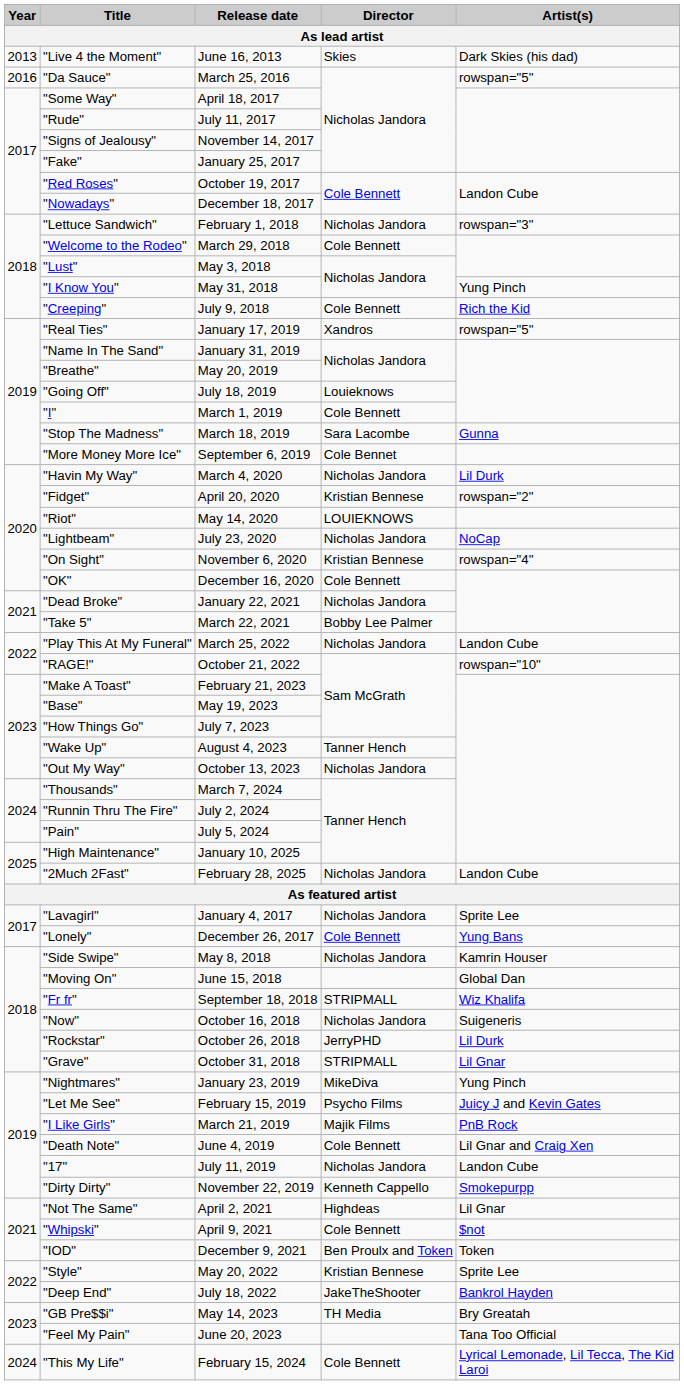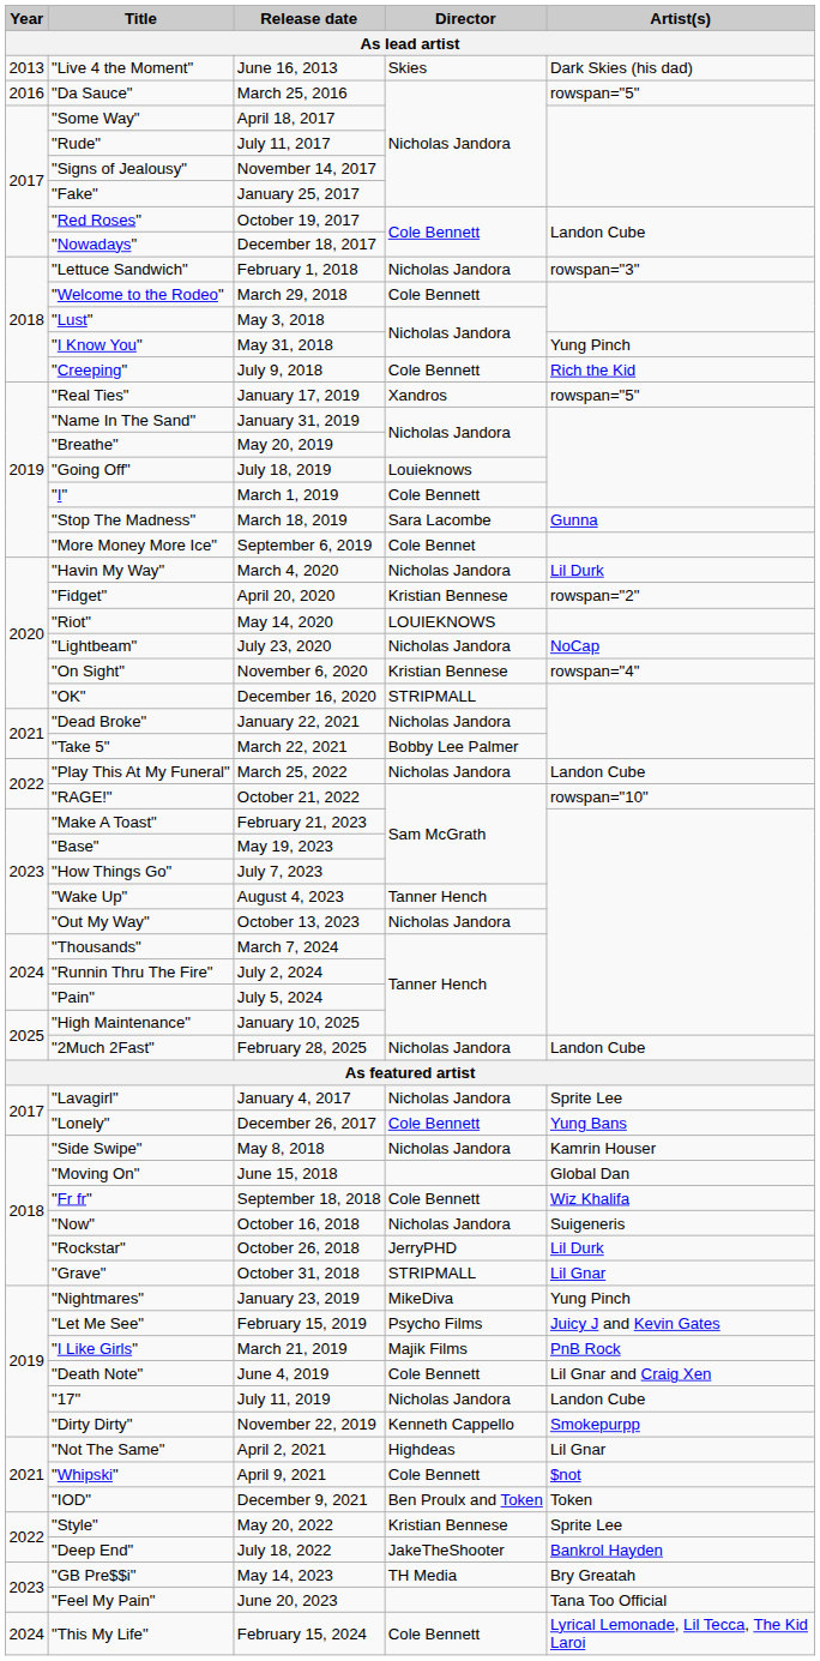 <table class="wikitable" style="font-size:95%">
 <tr>
 <th style="background:#ccc;">Year</th>
 <th style="background:#ccc;">Title</th>
 <th style="background:#ccc;">Release date</th>
 <th style="background:#ccc;">Director</th>
 <th style="background:#ccc; width:250px;">Artist(s)</th>
 </tr>
 <tr>
 <th scope="col" colspan="5">As lead artist</th>
 </tr>
 <tr>
 <td>2013</td>
 <td>"Live 4 the Moment"</td>
 <td>June 16, 2013</td>
 <td rowspan="1">Skies</td>
 <td rowspan="1">Dark Skies (his dad)</td>
 </tr>
 <tr>
 <td>2016</td>
 <td>"Da Sauce"</td>
 <td>March 25, 2016</td>
 <td rowspan="5">Nicholas Jandora</td>
 <td>rowspan="5" </td>
 </tr>
 <tr>
 <td rowspan="6">2017</td>
 <td>"Some Way"</td>
 <td>April 18, 2017</td>
 </tr>
 <tr>
 <td>"Rude"</td>
 <td>July 11, 2017</td>
 </tr>
 <tr>
 <td>"Signs of Jealousy"</td>
 <td>November 14, 2017</td>
 </tr>
 <tr>
 <td>"Fake"</td>
 <td>January 25, 2017</td>
 </tr>
 <tr>
 <td>"<a href='#'>Red Roses</a>"</td>
 <td>October 19, 2017</td>
 <td rowspan="2"><a href='#'>Cole Bennett</a></td>
 <td rowspan="2">Landon Cube</td>
 </tr>
 <tr>
 <td>"<a href='#'>Nowadays</a>"</td>
 <td>December 18, 2017</td>
 </tr>
 <tr>
 <td rowspan="5">2018</td>
 <td>"Lettuce Sandwich"</td>
 <td>February 1, 2018</td>
 <td rowspan="1">Nicholas Jandora</td>
 <td>rowspan="3" </td>
 </tr>
 <tr>
 <td>"<a href='#'>Welcome to the Rodeo</a>"</td>
 <td>March 29, 2018</td>
 <td>Cole Bennett</td>
 </tr>
 <tr>
 <td>"<a href='#'>Lust</a>"</td>
 <td>May 3, 2018</td>
 <td rowspan="2">Nicholas Jandora</td>
 </tr>
 <tr "Breathe">
 <td>"<a href='#'>I Know You</a>"</td>
 <td>May 31, 2018</td>
 <td>Yung Pinch</td>
 </tr>
 <tr>
 <td>"<a href='#'>Creeping</a>"</td>
 <td>July 9, 2018</td>
 <td>Cole Bennett</td>
 <td><a href='#'>Rich the Kid</a></td>
 </tr>
 <tr>
 <td rowspan="7">2019</td>
 <td>"Real Ties"</td>
 <td>January 17, 2019</td>
 <td>Xandros</td>
 <td>rowspan="5" </td>
 </tr>
 <tr>
 <td>"Name In The Sand"</td>
 <td>January 31, 2019</td>
 <td rowspan="2">Nicholas Jandora</td>
 </tr>
 <tr>
 <td>"Breathe"</td>
 <td>May 20, 2019</td>
 </tr>
 <tr>
 <td>"Going Off"</td>
 <td>July 18, 2019</td>
 <td>Louieknows</td>
 </tr>
 <tr>
 <td>"<a href='#'>I</a>"</td>
 <td>March 1, 2019</td>
 <td>Cole Bennett</td>
 </tr>
 <tr>
 <td>"Stop The Madness"</td>
 <td>March 18, 2019</td>
 <td>Sara Lacombe</td>
 <td><a href='#'>Gunna</a></td>
 </tr>
 <tr>
 <td>"More Money More Ice"</td>
 <td>September 6, 2019</td>
 <td>Cole Bennet</td>
 <td></td>
 </tr>
 <tr>
 <td rowspan="6">2020</td>
 <td>"Havin My Way"</td>
 <td>March 4, 2020</td>
 <td>Nicholas Jandora</td>
 <td><a href='#'>Lil Durk</a></td>
 </tr>
 <tr>
 <td>"Fidget"</td>
 <td>April 20, 2020</td>
 <td>Kristian Bennese</td>
 <td>rowspan="2" </td>
 </tr>
 <tr>
 <td>"Riot"</td>
 <td>May 14, 2020</td>
 <td>LOUIEKNOWS</td>
 </tr>
 <tr>
 <td>"Lightbeam"</td>
 <td>July 23, 2020</td>
 <td>Nicholas Jandora</td>
 <td><a href='#'>NoCap</a></td>
 </tr>
 <tr>
 <td>"On Sight"</td>
 <td>November 6, 2020</td>
 <td>Kristian Bennese</td>
 <td>rowspan="4" </td>
 </tr>
 <tr>
 <td>"OK"</td>
 <td>December 16, 2020</td>
-<td>Cole Bennett</td>
+<td STRIPMALL>STRIPMALL</td>
 </tr>
 <tr>
 <td rowspan="2">2021</td>
 <td>"Dead Broke"</td>
 <td>January 22, 2021</td>
 <td>Nicholas Jandora</td>
 </tr>
 <tr>
 <td>"Take 5"</td>
 <td>March 22, 2021</td>
 <td>Bobby Lee Palmer</td>
 </tr>
 <tr>
 <td rowspan="2">2022</td>
 <td>"Play This At My Funeral"</td>
 <td>March 25, 2022</td>
 <td>Nicholas Jandora</td>
 <td>Landon Cube</td>
 </tr>
 <tr>
 <td>"RAGE!"</td>
 <td>October 21, 2022</td>
 <td rowspan="4">Sam McGrath</td>
 <td>rowspan="10" </td>
 </tr>
 <tr>
 <td rowspan="5">2023</td>
 <td>"Make A Toast"</td>
 <td>February 21, 2023</td>
 </tr>
 <tr>
 <td>"Base"</td>
 <td>May 19, 2023</td>
 </tr>
 <tr>
 <td>"How Things Go"</td>
 <td>July 7, 2023</td>
 </tr>
 <tr>
 <td>"Wake Up"</td>
 <td>August 4, 2023</td>
 <td>Tanner Hench</td>
 </tr>
 <tr>
 <td>"Out My Way"</td>
 <td>October 13, 2023</td>
 <td>Nicholas Jandora</td>
 </tr>
 <tr>
 <td rowspan="3">2024</td>
 <td>"Thousands"</td>
 <td>March 7, 2024</td>
 <td rowspan="4">Tanner Hench</td>
 </tr>
 <tr>
 <td>"Runnin Thru The Fire"</td>
 <td>July 2, 2024</td>
 </tr>
 <tr>
 <td>"Pain"</td>
 <td>July 5, 2024</td>
 </tr>
 <tr>
 <td rowspan="2">2025</td>
 <td>"High Maintenance"</td>
 <td>January 10, 2025</td>
 </tr>
 <tr>
 <td>"2Much 2Fast"</td>
 <td>February 28, 2025</td>
 <td>Nicholas Jandora</td>
 <td>Landon Cube</td>
 </tr>
 <tr>
 <th scope="col" colspan="5">As featured artist</th>
 </tr>
 <tr>
 <td rowspan="2">2017</td>
 <td>"Lavagirl"</td>
 <td>January 4, 2017</td>
 <td>Nicholas Jandora</td>
 <td>Sprite Lee</td>
 </tr>
 <tr>
 <td>"Lonely"</td>
 <td>December 26, 2017</td>
 <td><a href='#'>Cole Bennett</a></td>
 <td><a href='#'>Yung Bans</a></td>
 </tr>
 <tr>
 <td rowspan="6">2018</td>
 <td>"Side Swipe"</td>
 <td>May 8, 2018</td>
 <td>Nicholas Jandora</td>
 <td>Kamrin Houser</td>
 </tr>
 <tr>
 <td>"Moving On"</td>
 <td>June 15, 2018</td>
 <td></td>
 <td>Global Dan</td>
 </tr>
 <tr>
 <td>"<a href='#'>Fr fr</a>"</td>
 <td>September 18, 2018</td>
-<td STRIPMALL>STRIPMALL</td>
+<td>Cole Bennett</td>
 <td><a href='#'>Wiz Khalifa</a></td>
 </tr>
 <tr>
 <td>"Now"</td>
 <td>October 16, 2018</td>
 <td>Nicholas Jandora</td>
 <td>Suigeneris</td>
 </tr>
 <tr>
 <td>"Rockstar"</td>
 <td>October 26, 2018</td>
 <td>JerryPHD</td>
 <td><a href='#'>Lil Durk</a></td>
 </tr>
 <tr>
 <td>"Grave"</td>
 <td>October 31, 2018</td>
 <td STRIPMALL>STRIPMALL</td>
 <td><a href='#'>Lil Gnar</a></td>
 </tr>
 <tr>
 <td rowspan="6">2019</td>
 <td>"Nightmares"</td>
 <td>January 23, 2019</td>
 <td>MikeDiva</td>
 <td>Yung Pinch</td>
 </tr>
 <tr>
 <td>"Let Me See"</td>
 <td>February 15, 2019</td>
 <td>Psycho Films</td>
 <td><a href='#'>Juicy J</a> and <a href='#'>Kevin Gates</a></td>
 </tr>
 <tr>
 <td>"<a href='#'>I Like Girls</a>"</td>
 <td>March 21, 2019</td>
 <td>Majik Films</td>
 <td><a href='#'>PnB Rock</a></td>
 </tr>
 <tr>
 <td>"Death Note"</td>
 <td>June 4, 2019</td>
 <td>Cole Bennett</td>
 <td>Lil Gnar and <a href='#'>Craig Xen</a></td>
 </tr>
 <tr>
 <td>"17"</td>
 <td>July 11, 2019</td>
 <td>Nicholas Jandora</td>
 <td>Landon Cube</td>
 </tr>
 <tr>
 <td>"Dirty Dirty"</td>
 <td>November 22, 2019</td>
 <td>Kenneth Cappello</td>
 <td><a href='#'>Smokepurpp</a></td>
 </tr>
 <tr>
 <td rowspan="3">2021</td>
 <td>"Not The Same"</td>
 <td>April 2, 2021</td>
 <td>Highdeas</td>
 <td>Lil Gnar</td>
 </tr>
 <tr>
 <td>"<a href='#'>Whipski</a>"</td>
 <td>April 9, 2021</td>
 <td>Cole Bennett</td>
 <td><a href='#'>$not</a></td>
 </tr>
 <tr>
 <td>"IOD"</td>
 <td>December 9, 2021</td>
 <td>Ben Proulx and <a href='#'>Token</a></td>
 <td>Token</td>
 </tr>
 <tr>
 <td rowspan="2">2022</td>
 <td>"Style"</td>
 <td>May 20, 2022</td>
 <td>Kristian Bennese</td>
 <td>Sprite Lee</td>
 </tr>
 <tr>
 <td>"Deep End"</td>
 <td>July 18, 2022</td>
 <td>JakeTheShooter</td>
 <td><a href='#'>Bankrol Hayden</a></td>
 </tr>
 <tr>
 <td rowspan="2">2023</td>
 <td>"GB Pre$$i"</td>
 <td>May 14, 2023</td>
 <td>TH Media</td>
 <td>Bry Greatah</td>
 </tr>
 <tr>
 <td>"Feel My Pain"</td>
 <td>June 20, 2023</td>
 <td></td>
 <td>Tana Too Official</td>
 </tr>
 <tr>
 <td rowspan="1">2024</td>
 <td>"This My Life"</td>
 <td>February 15, 2024</td>
 <td>Cole Bennett</td>
 <td><a href='#'>Lyrical Lemonade</a>, <a href='#'>Lil Tecca</a>, <a href='#'>The Kid Laroi</a></td>
 </tr>
 </table>
